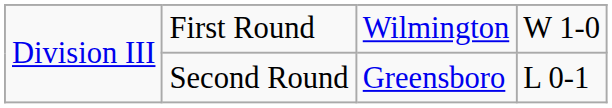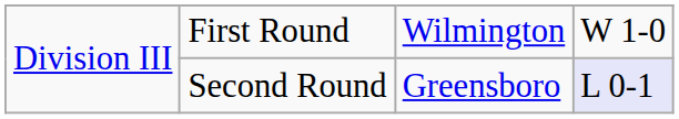 <table class="wikitable">
 <tr>
 <td rowspan="2"><a href='#'>Division III</a></td>
 <td>First Round</td>
 <td><a href='#'>Wilmington</a></td>
 <td>W 1-0</td>
 </tr>
 <tr>
 <td>Second Round</td>
 <td><a href='#'>Greensboro</a></td>
-<td>L 0-1</td>
+<td style="background: lavender;">L 0-1</td>
 </tr>
 </table>
